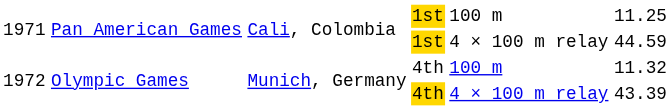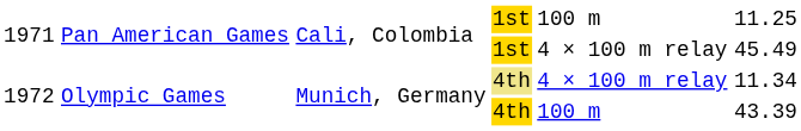 <table>
 <tr>
 <td rowspan=2>1971</td>
 <td rowspan=2><a href='#'>Pan American Games</a></td>
 <td rowspan=2><a href='#'>Cali</a>, Colombia</td>
 <td bgcolor=gold>1st</td>
 <td>100 m</td>
 <td>11.25</td>
 </tr>
 <tr>
 <td bgcolor=gold>1st</td>
 <td>4 × 100 m relay</td>
-<td>44.59</td>
+<td>45.49</td>
 </tr>
 <tr>
 <td rowspan=2>1972</td>
 <td rowspan=2><a href='#'>Olympic Games</a></td>
 <td rowspan=2><a href='#'>Munich</a>, Germany</td>
-<td>4th</td>
-<td><a href='#'>100 m</a></td>
-<td>11.32</td>
+<td style="background: khaki;">4th</td>
+<td><a href='#'>4 × 100 m relay</a></td>
+<td>11.34</td>
 </tr>
 <tr>
 <td style="background: gold;">4th</td>
-<td><a href='#'>4 × 100 m relay</a></td>
+<td><a href='#'>100 m</a></td>
 <td>43.39</td>
 </tr>
 </table>
